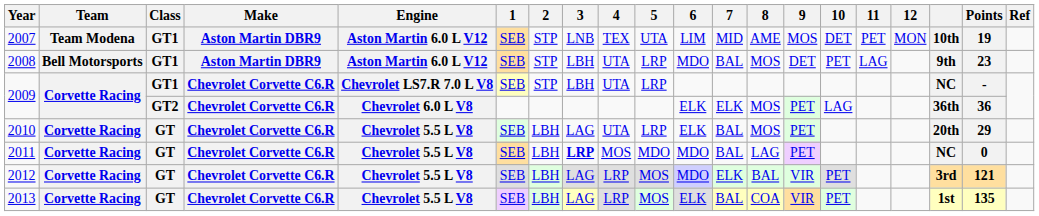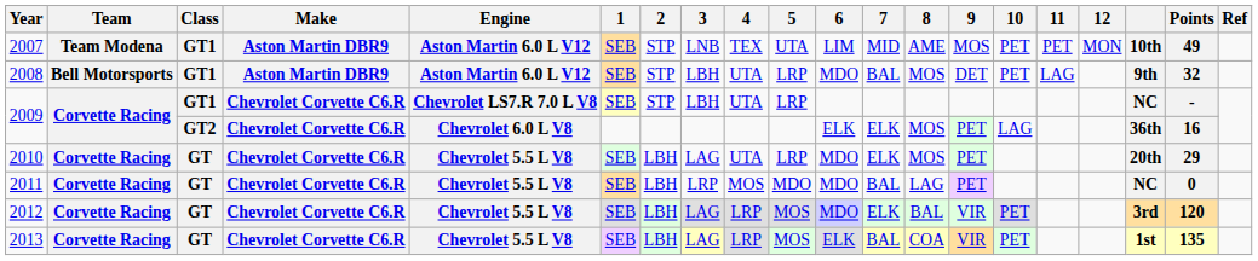 <table class="wikitable" style="text-align:center; font-size:85%">
 <tr>
 <th>Year</th>
 <th>Team</th>
 <th>Class</th>
 <th>Make</th>
 <th>Engine</th>
 <th>1</th>
 <th>2</th>
 <th>3</th>
 <th>4</th>
 <th>5</th>
 <th>6</th>
 <th>7</th>
 <th>8</th>
 <th>9</th>
 <th>10</th>
 <th>11</th>
 <th>12</th>
 <th></th>
 <th>Points</th>
 <th>Ref</th>
 </tr>
 <tr>
 <td><a href='#'>2007</a></td>
 <th nowrap>Team Modena</th>
 <th>GT1</th>
 <th nowrap><a href='#'>Aston Martin DBR9</a></th>
 <th nowrap><a href='#'>Aston Martin</a> 6.0 L <a href='#'>V12</a></th>
 <td style="background:#FFDF9F;”"><a href='#'>SEB</a><br></td>
 <td><a href='#'>STP</a></td>
 <td><a href='#'>LNB</a></td>
 <td><a href='#'>TEX</a></td>
 <td><a href='#'>UTA</a></td>
 <td><a href='#'>LIM</a></td>
 <td><a href='#'>MID</a></td>
 <td><a href='#'>AME</a></td>
 <td><a href='#'>MOS</a></td>
-<td><a href='#'>DET</a></td>
+<td><a href='#'>PET</a></td>
 <td><a href='#'>PET</a></td>
 <td><a href='#'>MON</a></td>
 <th>10th</th>
-<th>19</th>
+<th>49</th>
 <td></td>
 </tr>
 <tr>
 <td><a href='#'>2008</a></td>
 <th nowrap>Bell Motorsports</th>
 <th>GT1</th>
 <th nowrap><a href='#'>Aston Martin DBR9</a></th>
 <th nowrap><a href='#'>Aston Martin</a> 6.0 L <a href='#'>V12</a></th>
 <td style="background:#FFDF9F;”"><a href='#'>SEB</a><br></td>
 <td><a href='#'>STP</a></td>
 <td><a href='#'>LBH</a></td>
 <td><a href='#'>UTA</a></td>
 <td><a href='#'>LRP</a></td>
 <td><a href='#'>MDO</a></td>
 <td><a href='#'>BAL</a></td>
 <td><a href='#'>MOS</a></td>
 <td><a href='#'>DET</a></td>
 <td><a href='#'>PET</a></td>
 <td><a href='#'>LAG</a></td>
 <td></td>
 <th>9th</th>
-<th>23</th>
+<th>32</th>
 <td></td>
 </tr>
 <tr>
 <td rowspan="2"><a href='#'>2009</a></td>
 <th rowspan="2" nowrap><a href='#'>Corvette Racing</a></th>
 <th>GT1</th>
 <th nowrap><a href='#'>Chevrolet Corvette C6.R</a></th>
 <th nowrap><a href='#'>Chevrolet</a> LS7.R 7.0 L <a href='#'>V8</a></th>
 <td style="background:#FFFFBF;”"><a href='#'>SEB</a><br></td>
 <td><a href='#'>STP</a></td>
 <td><a href='#'>LBH</a></td>
 <td><a href='#'>UTA</a></td>
 <td><a href='#'>LRP</a></td>
 <td></td>
 <td></td>
 <td></td>
 <td></td>
 <td></td>
 <td></td>
 <td></td>
 <th>NC</th>
 <th>-</th>
 <td rowspan="2"></td>
 </tr>
 <tr>
 <th>GT2</th>
 <th><a href='#'>Chevrolet Corvette C6.R</a></th>
 <th><a href='#'>Chevrolet</a> 6.0 L <a href='#'>V8</a></th>
 <td></td>
 <td></td>
 <td></td>
 <td></td>
 <td></td>
 <td><a href='#'>ELK</a></td>
 <td><a href='#'>ELK</a></td>
 <td><a href='#'>MOS</a></td>
 <td style="background:#DFFFDF;"><a href='#'>PET</a><br></td>
 <td><a href='#'>LAG</a></td>
 <td></td>
 <td></td>
 <th>36th</th>
-<th>36</th>
+<th>16</th>
 </tr>
 <tr>
 <td><a href='#'>2010</a></td>
 <th><a href='#'>Corvette Racing</a></th>
 <th>GT</th>
 <th><a href='#'>Chevrolet Corvette C6.R</a></th>
 <th><a href='#'>Chevrolet</a> 5.5 L <a href='#'>V8</a></th>
 <td style="background:#DFFFDF;"><a href='#'>SEB</a><br></td>
 <td><a href='#'>LBH</a></td>
 <td><a href='#'>LAG</a></td>
 <td><a href='#'>UTA</a></td>
 <td><a href='#'>LRP</a></td>
+<td><a href='#'>MDO</a></td>
 <td><a href='#'>ELK</a></td>
-<td><a href='#'>BAL</a></td>
 <td><a href='#'>MOS</a></td>
 <td style="background:#DFFFDF;"><a href='#'>PET</a><br></td>
 <td></td>
 <td></td>
 <td></td>
 <th>20th</th>
 <th>29</th>
 <td></td>
 </tr>
 <tr>
 <td><a href='#'>2011</a></td>
 <th><a href='#'>Corvette Racing</a></th>
 <th>GT</th>
 <th><a href='#'>Chevrolet Corvette C6.R</a></th>
 <th><a href='#'>Chevrolet</a> 5.5 L <a href='#'>V8</a></th>
 <td style="background:#FFDF9F;”"><a href='#'>SEB</a><br></td>
 <td><a href='#'>LBH</a></td>
-<td><strong><a href='#'>LRP</a></strong></td>
+<td><a href='#'>LRP</a></td>
 <td><a href='#'>MOS</a></td>
 <td><a href='#'>MDO</a></td>
 <td><a href='#'>MDO</a></td>
 <td><a href='#'>BAL</a></td>
 <td><a href='#'>LAG</a></td>
 <td style="background:#EFCFFF;"><a href='#'>PET</a><br></td>
 <td></td>
 <td></td>
 <td></td>
 <th>NC</th>
 <th>0</th>
 <td></td>
 </tr>
 <tr>
 <td><a href='#'>2012</a></td>
 <th><a href='#'>Corvette Racing</a></th>
 <th>GT</th>
 <th><a href='#'>Chevrolet Corvette C6.R</a></th>
 <th><a href='#'>Chevrolet</a> 5.5 L <a href='#'>V8</a></th>
 <td style="background:#DFDFDF;”"><a href='#'>SEB</a><br></td>
 <td style="background:#DFFFDF;"><a href='#'>LBH</a><br></td>
 <td style="background:#DFDFDF;”"><a href='#'>LAG</a><br></td>
 <td style="background:#DFDFDF;”"><a href='#'>LRP</a><br></td>
 <td style="background:#DFDFDF;”"><a href='#'>MOS</a><br></td>
 <td style="background:#CFCFFF;”"><a href='#'>MDO</a><br></td>
 <td style="background:#DFFFDF;"><a href='#'>ELK</a><br></td>
 <td style="background:#DFFFDF;"><a href='#'>BAL</a><br></td>
 <td style="background:#DFFFDF;"><a href='#'>VIR</a><br></td>
 <td style="background:#DFDFDF;”"><a href='#'>PET</a><br></td>
 <td></td>
 <td></td>
 <th style="background:#FFDF9F;”">3rd</th>
-<th style="background:#FFDF9F;”">121</th>
+<th style="background:#FFDF9F;”">120</th>
 <td></td>
 </tr>
 <tr>
 <td><a href='#'>2013</a></td>
 <th><a href='#'>Corvette Racing</a></th>
 <th>GT</th>
 <th><a href='#'>Chevrolet Corvette C6.R</a></th>
 <th><a href='#'>Chevrolet</a> 5.5 L <a href='#'>V8</a></th>
 <td style="background:#EFCFFF;"><a href='#'>SEB</a><br></td>
 <td style="background:#DFFFDF;"><a href='#'>LBH</a><br></td>
 <td style="background:#FFFFBF;”"><a href='#'>LAG</a><br></td>
 <td style="background:#DFDFDF;”"><a href='#'>LRP</a><br></td>
 <td style="background:#DFFFDF;"><a href='#'>MOS</a><br></td>
 <td style="background:#DFDFDF;”"><a href='#'>ELK</a><br></td>
 <td style="background:#FFFFBF;”"><a href='#'>BAL</a><br></td>
 <td style="background:#FFFFBF;”"><a href='#'>COA</a><br></td>
 <td style="background:#FFDF9F;”"><a href='#'>VIR</a><br></td>
 <td style="background:#DFFFDF;"><a href='#'>PET</a><br></td>
 <td></td>
 <td></td>
 <th style="background:#FFFFBF;”">1st</th>
 <th style="background:#FFFFBF;”">135</th>
 <td></td>
 </tr>
 </table>
